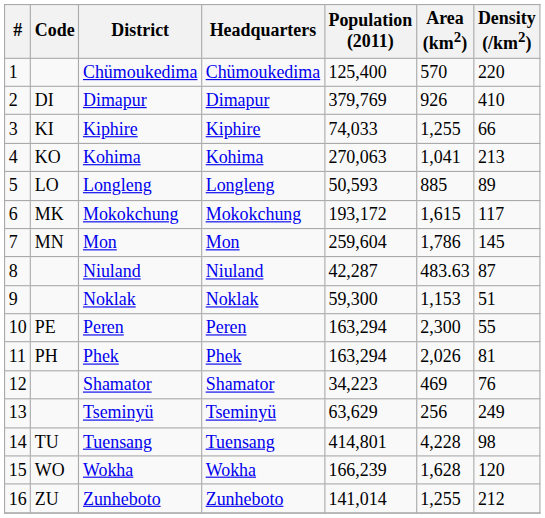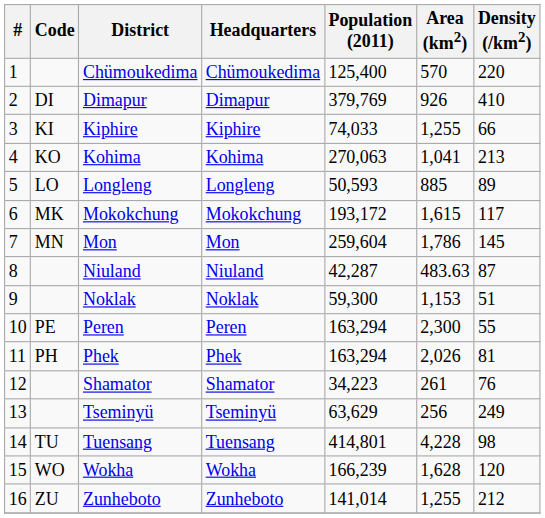 <table class="wikitable sortable">
 <tr>
 <th>#</th>
 <th>Code</th>
 <th>District</th>
 <th>Headquarters</th>
 <th>Population <br>(2011)</th>
 <th>Area <br>(km<sup>2</sup>)</th>
 <th>Density <br>(/km<sup>2</sup>)</th>
 </tr>
 <tr>
 <td>1</td>
 <td></td>
 <td><a href='#'>Chümoukedima</a></td>
 <td><a href='#'>Chümoukedima</a></td>
 <td> 125,400</td>
 <td> 570</td>
 <td> 220</td>
 </tr>
 <tr>
 <td>2</td>
 <td>DI</td>
 <td><a href='#'>Dimapur</a></td>
 <td><a href='#'>Dimapur</a></td>
 <td> 379,769</td>
 <td> 926</td>
 <td> 410</td>
 </tr>
 <tr>
 <td>3</td>
 <td>KI</td>
 <td><a href='#'>Kiphire</a></td>
 <td><a href='#'>Kiphire</a></td>
 <td> 74,033</td>
 <td> 1,255</td>
 <td> 66</td>
 </tr>
 <tr>
 <td>4</td>
 <td>KO</td>
 <td><a href='#'>Kohima</a></td>
 <td><a href='#'>Kohima</a></td>
 <td> 270,063</td>
 <td> 1,041</td>
 <td> 213</td>
 </tr>
 <tr>
 <td>5</td>
 <td>LO</td>
 <td><a href='#'>Longleng</a></td>
 <td><a href='#'>Longleng</a></td>
 <td> 50,593</td>
 <td> 885</td>
 <td> 89</td>
 </tr>
 <tr>
 <td>6</td>
 <td>MK</td>
 <td><a href='#'>Mokokchung</a></td>
 <td><a href='#'>Mokokchung</a></td>
 <td> 193,172</td>
 <td> 1,615</td>
 <td> 117</td>
 </tr>
 <tr>
 <td>7</td>
 <td>MN</td>
 <td><a href='#'>Mon</a></td>
 <td><a href='#'>Mon</a></td>
 <td> 259,604</td>
 <td> 1,786</td>
 <td> 145</td>
 </tr>
 <tr>
 <td>8</td>
 <td></td>
 <td><a href='#'>Niuland</a></td>
 <td><a href='#'>Niuland</a></td>
 <td> 42,287</td>
 <td> 483.63</td>
 <td> 87</td>
 </tr>
 <tr>
 <td>9</td>
 <td></td>
 <td><a href='#'>Noklak</a></td>
 <td><a href='#'>Noklak</a></td>
 <td> 59,300</td>
 <td> 1,153</td>
 <td> 51</td>
 </tr>
 <tr>
 <td>10</td>
 <td>PE</td>
 <td><a href='#'>Peren</a></td>
 <td><a href='#'>Peren</a></td>
 <td> 163,294</td>
 <td> 2,300</td>
 <td> 55</td>
 </tr>
 <tr>
 <td>11</td>
 <td>PH</td>
 <td><a href='#'>Phek</a></td>
 <td><a href='#'>Phek</a></td>
 <td> 163,294</td>
 <td> 2,026</td>
 <td> 81</td>
 </tr>
 <tr>
 <td>12</td>
 <td></td>
 <td><a href='#'>Shamator</a></td>
 <td><a href='#'>Shamator</a></td>
 <td> 34,223</td>
-<td> 469</td>
+<td> 261</td>
 <td> 76</td>
 </tr>
 <tr>
 <td>13</td>
 <td></td>
 <td><a href='#'>Tseminyü</a></td>
 <td><a href='#'>Tseminyü</a></td>
 <td> 63,629</td>
 <td> 256</td>
 <td> 249</td>
 </tr>
 <tr>
 <td>14</td>
 <td>TU</td>
 <td><a href='#'>Tuensang</a></td>
 <td><a href='#'>Tuensang</a></td>
 <td> 414,801</td>
 <td> 4,228</td>
 <td> 98</td>
 </tr>
 <tr>
 <td>15</td>
 <td>WO</td>
 <td><a href='#'>Wokha</a></td>
 <td><a href='#'>Wokha</a></td>
 <td> 166,239</td>
 <td> 1,628</td>
 <td> 120</td>
 </tr>
 <tr>
 <td>16</td>
 <td>ZU</td>
 <td><a href='#'>Zunheboto</a></td>
 <td><a href='#'>Zunheboto</a></td>
 <td> 141,014</td>
 <td> 1,255</td>
 <td> 212</td>
 </tr>
 <tr>
 </tr>
 </table>
